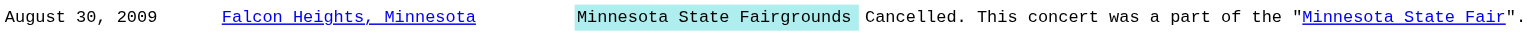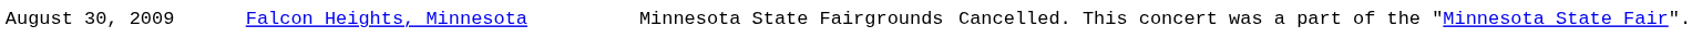 <table cellpadding="2" style="border: 0px solid darkgray; font-size:90%">
 <tr>
 <th width="150"></th>
 <th width="250"></th>
 <th width="200"></th>
 <th width="700"></th>
 </tr>
 <tr border="0">
 <td>August 30, 2009</td>
 <td><a href='#'>Falcon Heights, Minnesota</a></td>
-<td style="background: paleturquoise;">Minnesota State Fairgrounds</td>
+<td>Minnesota State Fairgrounds</td>
 <td>Cancelled. This concert was a part of the "<a href='#'>Minnesota State Fair</a>".</td>
 </tr>
 <tr>
 </tr>
 </table>
